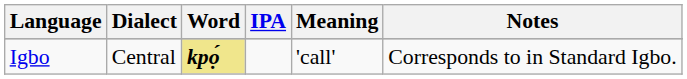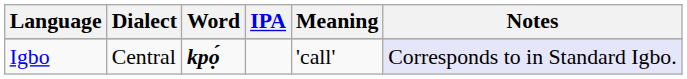 <table class="wikitable">
 <tr>
 <th>Language</th>
 <th>Dialect</th>
 <th>Word</th>
 <th><a href='#'>IPA</a></th>
 <th>Meaning</th>
 <th>Notes</th>
 </tr>
 <tr>
 </tr>
 <tr>
 <td><a href='#'>Igbo</a></td>
 <td>Central</td>
-<td style="background: khaki;"><strong><em>kp<strong>ọ́<em></td>
+<td><strong><em>kp<strong>ọ́<em></td>
 <td></td>
 <td>'call'</td>
-<td>Corresponds to  in Standard Igbo.</td>
+<td style="background: lavender;">Corresponds to  in Standard Igbo.</td>
 </tr>
 </table>
